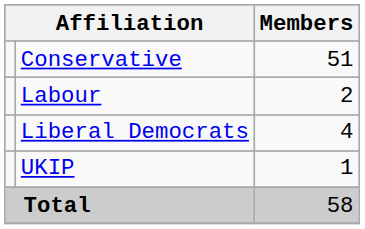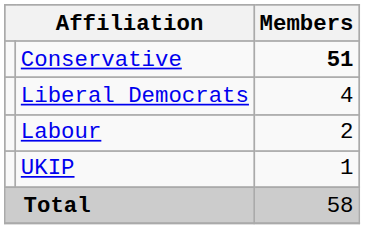 <table class="wikitable">
 <tr>
 <th colspan="2">Affiliation</th>
 <th>Members</th>
 </tr>
 <tr>
 <td style="color:inherit;background:"></td>
 <td><a href='#'>Conservative</a></td>
-<td align="right">51</td>
+<td align="right"><strong>51</strong></td>
+</tr>
+<tr>
+<td style="color:inherit;background:"></td>
+<td><a href='#'>Liberal Democrats</a></td>
+<td align="right">4</td>
 </tr>
 <tr>
 <td style="color:inherit;background:"></td>
 <td><a href='#'>Labour</a></td>
 <td align="right">2</td>
-</tr>
-<tr>
-<td style="color:inherit;background:"></td>
-<td><a href='#'>Liberal Democrats</a></td>
-<td align="right">4</td>
 </tr>
 <tr>
 <td style="color:inherit;background:"></td>
 <td><a href='#'>UKIP</a></td>
 <td align="right">1</td>
 </tr>
 <tr bgcolor="CCCCCC">
 <td colspan="2" rowspan="1"> <strong>Total</strong></td>
 <td align="right">58</td>
 </tr>
 <tr>
 </tr>
 </table>
